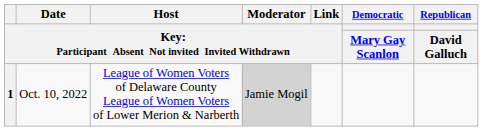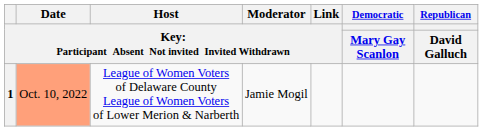 <table class="wikitable" style="text-align:center;">
 <tr>
 <th scope="col"></th>
 <th scope="col">Date</th>
 <th scope="col">Host</th>
 <th scope="col">Moderator</th>
 <th scope="col">Link</th>
 <th scope="col"><small><a href='#'>Democratic</a></small></th>
 <th scope="col"><small><a href='#'>Republican</a></small></th>
 </tr>
 <tr>
 <th colspan="5" rowspan="2">Key:<br> <small>Participant </small>  <small>Absent </small>  <small>Not invited </small>  <small>Invited  Withdrawn</small></th>
 <th scope="col" style="background:"></th>
 <th scope="col" style="background:"></th>
 </tr>
 <tr>
 <th scope="col"><a href='#'>Mary Gay Scanlon</a></th>
 <th scope="col">David Galluch</th>
 </tr>
 <tr>
 <th>1</th>
-<td style="white-space:nowrap;">Oct. 10, 2022</td>
+<td style="background: lightsalmon; white-space:nowrap;">Oct. 10, 2022</td>
 <td style="white-space:nowrap;"><a href='#'>League of Women Voters</a><br> of Delaware County<br><a href='#'>League of Women Voters</a><br> of Lower Merion & Narberth</td>
-<td style="background: lightgrey; white-space:nowrap;">Jamie Mogil</td>
+<td style="white-space:nowrap;">Jamie Mogil</td>
 <td style="white-space:nowrap;"></td>
 <td></td>
 <td></td>
 </tr>
 </table>
